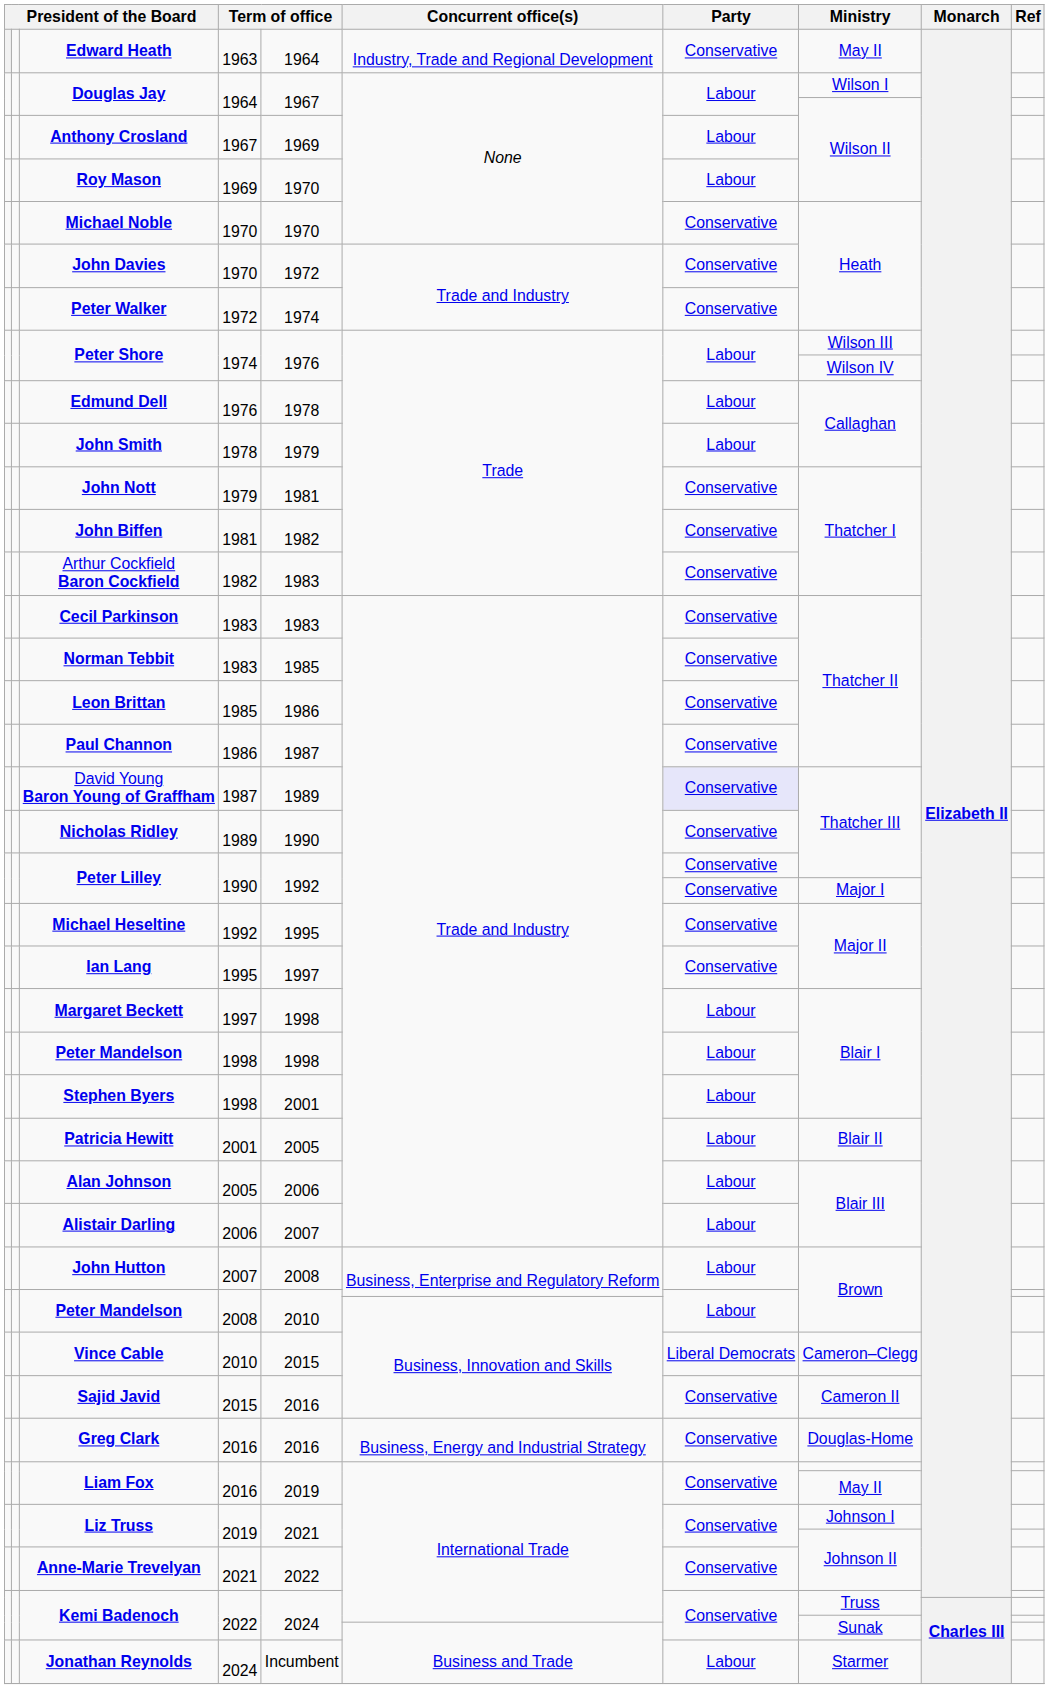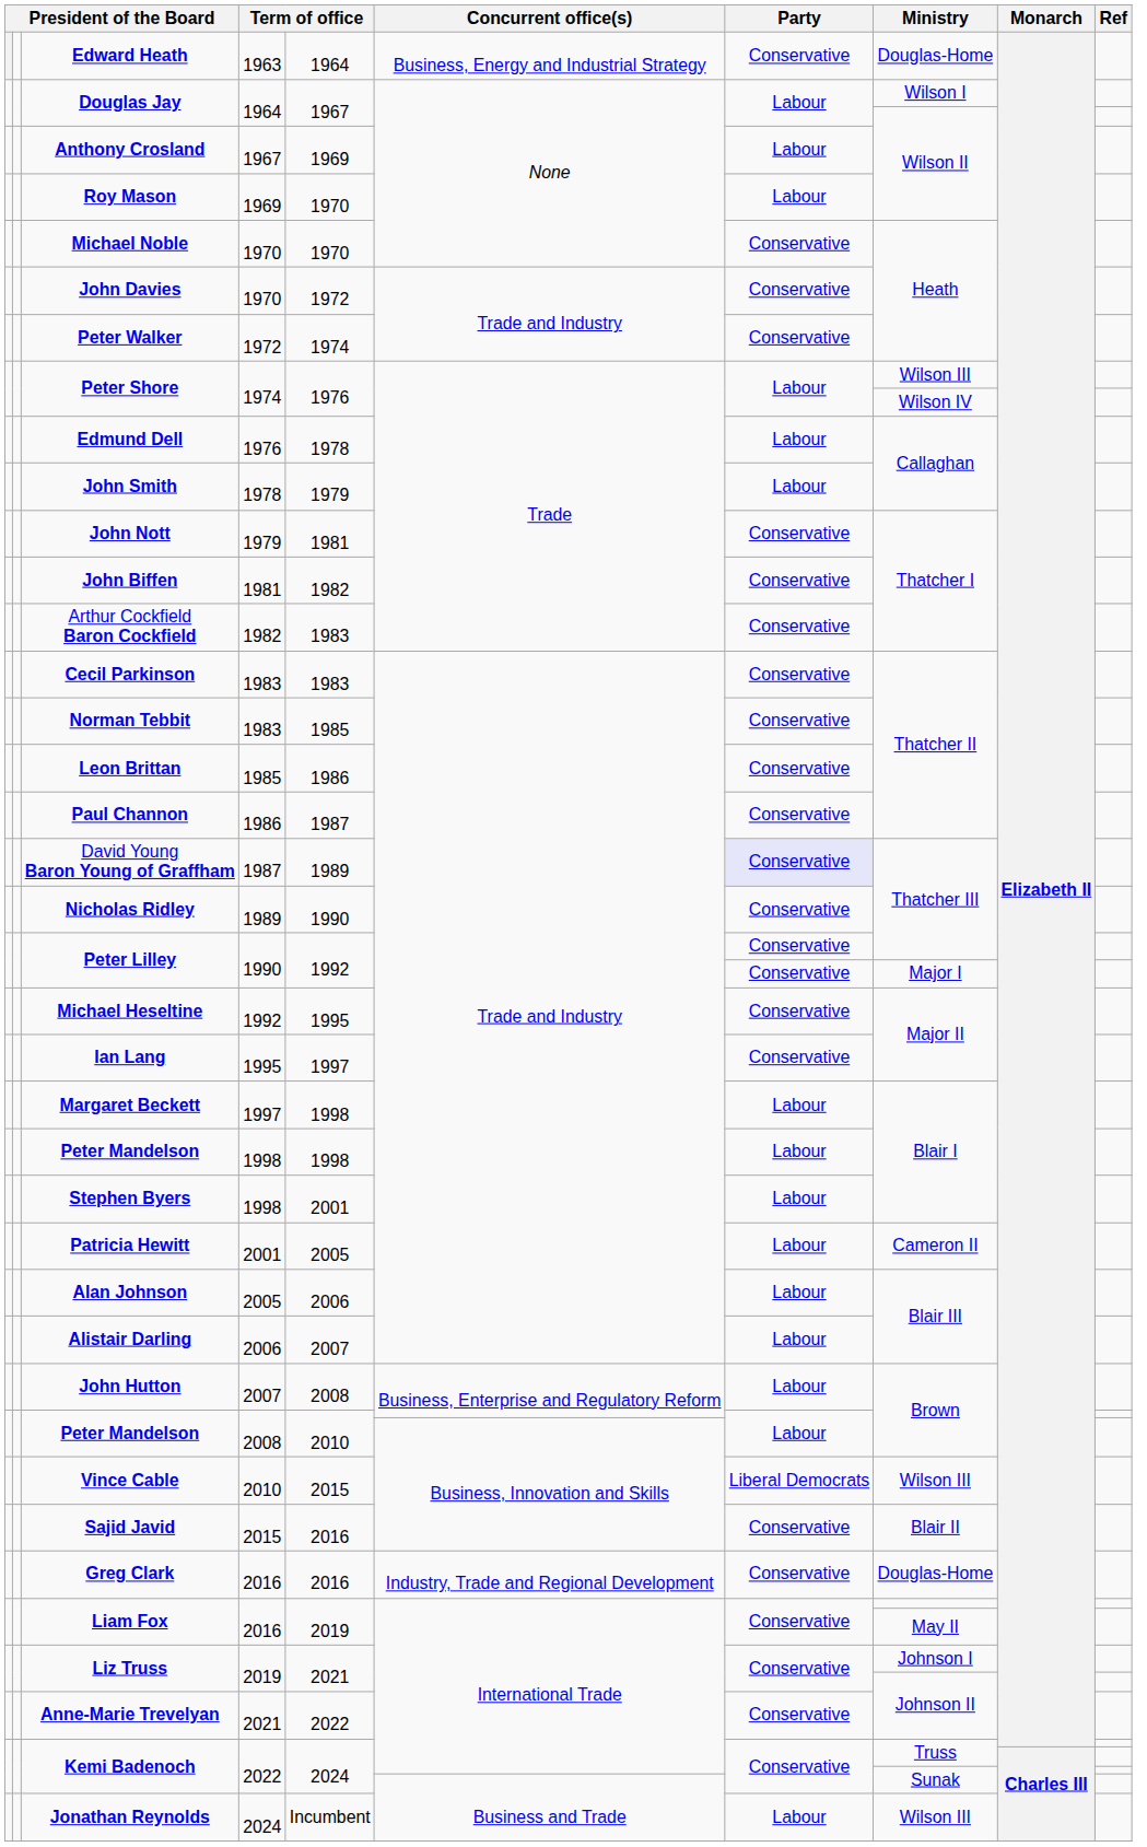 <table class="wikitable plainrowheaders" style="text-align:center;">
 <tr>
 <th colspan="3">President of the Board<br></th>
 <th colspan="2">Term of office</th>
 <th>Concurrent office(s)</th>
 <th>Party</th>
 <th>Ministry</th>
 <th>Monarch</th>
 <th>Ref</th>
 </tr>
 <tr>
 <th style="background-color:"></th>
 <td></td>
 <td><strong><a href='#'>Edward Heath</a></strong><br></td>
 <td><br>1963</td>
 <td><br>1964</td>
-<td><a href='#'><br>Industry, Trade and Regional Development</a></td>
+<td><a href='#'><br>Business, Energy and Industrial Strategy</a></td>
 <td><a href='#'>Conservative</a></td>
-<td><a href='#'>May II</a></td>
+<td><a href='#'>Douglas-Home</a></td>
 <th scope=row style="text-align:center;" rowspan=43><strong><a href='#'>Elizabeth II</a></strong><br></th>
 <td></td>
 </tr>
 <tr>
 <td rowspan="2" style="background-color:"></td>
 <td rowspan="2"></td>
 <td rowspan="2"><strong><a href='#'>Douglas Jay</a></strong><br></td>
 <td rowspan="2"><br>1964</td>
 <td rowspan="2"><br>1967</td>
 <td rowspan="5"><em>None</em></td>
 <td rowspan="2" ><a href='#'>Labour</a></td>
 <td><a href='#'>Wilson I</a></td>
 <td></td>
 </tr>
 <tr>
 <td rowspan="3" ><a href='#'>Wilson II</a></td>
 <td></td>
 </tr>
 <tr>
 <td style="background-color:"></td>
 <td></td>
 <td><strong><a href='#'>Anthony Crosland</a></strong><br></td>
 <td><br>1967</td>
 <td><br>1969</td>
 <td><a href='#'>Labour</a></td>
 <td></td>
 </tr>
 <tr>
 <td style="background-color:"></td>
 <td></td>
 <td><strong><a href='#'>Roy Mason</a></strong><br></td>
 <td><br>1969</td>
 <td><br>1970</td>
 <td><a href='#'>Labour</a></td>
 <td></td>
 </tr>
 <tr>
 <td style="background-color:"></td>
 <td></td>
 <td><strong><a href='#'>Michael Noble</a></strong><br></td>
 <td><br>1970</td>
 <td><br>1970</td>
 <td><a href='#'>Conservative</a></td>
 <td rowspan="3" ><a href='#'>Heath</a></td>
 <td></td>
 </tr>
 <tr>
 <td style="background-color:"></td>
 <td></td>
 <td><strong><a href='#'>John Davies</a></strong><br></td>
 <td><br>1970</td>
 <td><br>1972</td>
 <td rowspan="2"><a href='#'><br>Trade and Industry</a></td>
 <td><a href='#'>Conservative</a></td>
 <td></td>
 </tr>
 <tr>
 <td style="background-color:"></td>
 <td></td>
 <td><strong><a href='#'>Peter Walker</a></strong><br></td>
 <td><br>1972</td>
 <td><br>1974</td>
 <td><a href='#'>Conservative</a></td>
 <td></td>
 </tr>
 <tr>
 <td rowspan="2" style="background-color:"></td>
 <td rowspan="2"></td>
 <td rowspan="2"><strong><a href='#'>Peter Shore</a></strong><br></td>
 <td rowspan="2"><br>1974</td>
 <td rowspan="2"><br>1976</td>
 <td rowspan="7"><a href='#'><br>Trade</a></td>
 <td rowspan="2" ><a href='#'>Labour</a></td>
 <td><a href='#'>Wilson III</a></td>
 <td></td>
 </tr>
 <tr>
 <td><a href='#'>Wilson IV</a></td>
 <td></td>
 </tr>
 <tr>
 <td style="background-color:"></td>
 <td></td>
 <td><strong><a href='#'>Edmund Dell</a></strong><br></td>
 <td><br>1976</td>
 <td><br>1978</td>
 <td><a href='#'>Labour</a></td>
 <td rowspan="2" ><a href='#'>Callaghan</a></td>
 <td></td>
 </tr>
 <tr>
 <td style="background-color:"></td>
 <td></td>
 <td><strong><a href='#'>John Smith</a></strong><br></td>
 <td><br>1978</td>
 <td><br>1979</td>
 <td><a href='#'>Labour</a></td>
 <td></td>
 </tr>
 <tr>
 <td style="background-color:"></td>
 <td></td>
 <td><strong><a href='#'>John Nott</a></strong><br></td>
 <td><br>1979</td>
 <td><br>1981</td>
 <td><a href='#'>Conservative</a></td>
 <td rowspan="3" ><a href='#'>Thatcher I</a></td>
 <td></td>
 </tr>
 <tr>
 <td style="background-color:"></td>
 <td></td>
 <td><strong><a href='#'>John Biffen</a></strong><br></td>
 <td><br>1981</td>
 <td><br>1982</td>
 <td><a href='#'>Conservative</a></td>
 <td></td>
 </tr>
 <tr>
 <td style="background-color:"></td>
 <td></td>
 <td><a href='#'>Arthur Cockfield<br><strong>Baron Cockfield</strong></a></td>
 <td><br>1982</td>
 <td><br>1983</td>
 <td><a href='#'>Conservative</a></td>
 <td></td>
 </tr>
 <tr>
 <td style="background-color:"></td>
 <td></td>
 <td><strong><a href='#'>Cecil Parkinson</a></strong><br></td>
 <td><br>1983</td>
 <td><br>1983</td>
 <td rowspan="16"><a href='#'><br>Trade and Industry</a></td>
 <td><a href='#'>Conservative</a></td>
 <td rowspan="4" ><a href='#'>Thatcher II</a></td>
 <td></td>
 </tr>
 <tr>
 <td style="background-color:"></td>
 <td></td>
 <td><strong><a href='#'>Norman Tebbit</a></strong><br></td>
 <td><br>1983</td>
 <td><br>1985</td>
 <td><a href='#'>Conservative</a></td>
 <td></td>
 </tr>
 <tr>
 <td style="background-color:"></td>
 <td></td>
 <td><strong><a href='#'>Leon Brittan</a></strong><br></td>
 <td><br>1985</td>
 <td><br>1986</td>
 <td><a href='#'>Conservative</a></td>
 <td></td>
 </tr>
 <tr>
 <td style="background-color:"></td>
 <td></td>
 <td><strong><a href='#'>Paul Channon</a></strong><br></td>
 <td><br>1986</td>
 <td><br>1987</td>
 <td><a href='#'>Conservative</a></td>
 <td></td>
 </tr>
 <tr>
 <td style="background-color:"></td>
 <td></td>
 <td><a href='#'>David Young<br><strong>Baron Young of Graffham</strong></a></td>
 <td><br>1987</td>
 <td><br>1989</td>
 <td style="background: lavender;"><a href='#'>Conservative</a></td>
 <td rowspan="3" ><a href='#'>Thatcher III</a></td>
 <td></td>
 </tr>
 <tr>
 <td style="background-color:"></td>
 <td></td>
 <td><strong><a href='#'>Nicholas Ridley</a></strong><br></td>
 <td><br>1989</td>
 <td><br>1990</td>
 <td><a href='#'>Conservative</a></td>
 <td></td>
 </tr>
 <tr>
 <td rowspan=2 style="background-color:"></td>
 <td rowspan="2"></td>
 <td rowspan="2"><strong><a href='#'>Peter Lilley</a></strong><br></td>
 <td rowspan="2"><br>1990</td>
 <td rowspan="2"><br>1992</td>
 <td><a href='#'>Conservative</a></td>
 <td></td>
 </tr>
 <tr>
 <td><a href='#'>Conservative</a></td>
 <td><a href='#'>Major I</a></td>
 <td></td>
 </tr>
 <tr>
 <td style="background-color:"></td>
 <td></td>
 <td><strong><a href='#'>Michael Heseltine</a></strong><br></td>
 <td><br>1992</td>
 <td><br>1995</td>
 <td><a href='#'>Conservative</a></td>
 <td rowspan="2" ><a href='#'>Major II</a></td>
 <td></td>
 </tr>
 <tr>
 <td style="background-color:"></td>
 <td></td>
 <td><strong><a href='#'>Ian Lang</a></strong><br></td>
 <td><br>1995</td>
 <td><br>1997</td>
 <td><a href='#'>Conservative</a></td>
 <td></td>
 </tr>
 <tr>
 <td style="background-color:"></td>
 <td></td>
 <td><strong><a href='#'>Margaret Beckett</a></strong><br></td>
 <td><br>1997</td>
 <td><br>1998</td>
 <td><a href='#'>Labour</a></td>
 <td rowspan="3" ><a href='#'>Blair I</a></td>
 <td></td>
 </tr>
 <tr>
 <td style="background-color:"></td>
 <td></td>
 <td><strong><a href='#'>Peter Mandelson</a></strong><br></td>
 <td><br>1998</td>
 <td><br>1998</td>
 <td><a href='#'>Labour</a></td>
 <td></td>
 </tr>
 <tr>
 <td style="background-color:"></td>
 <td></td>
 <td><strong><a href='#'>Stephen Byers</a></strong><br></td>
 <td><br>1998</td>
 <td><br>2001</td>
 <td><a href='#'>Labour</a></td>
 <td></td>
 </tr>
 <tr>
 <td style="background-color:"></td>
 <td></td>
 <td><strong><a href='#'>Patricia Hewitt</a></strong><br></td>
 <td><br>2001</td>
 <td><br>2005</td>
 <td><a href='#'>Labour</a></td>
-<td><a href='#'>Blair II</a></td>
+<td><a href='#'>Cameron II</a></td>
 <td></td>
 </tr>
 <tr>
 <td style="background-color:"></td>
 <td></td>
 <td><strong><a href='#'>Alan Johnson</a></strong><br></td>
 <td><br>2005</td>
 <td><br>2006</td>
 <td><a href='#'>Labour</a></td>
 <td rowspan="2" ><a href='#'>Blair III</a></td>
 <td></td>
 </tr>
 <tr>
 <td style="background-color:"></td>
 <td></td>
 <td><strong><a href='#'>Alistair Darling</a></strong><br></td>
 <td><br>2006</td>
 <td><br>2007</td>
 <td><a href='#'>Labour</a></td>
 <td></td>
 </tr>
 <tr>
 <td style="background-color:"></td>
 <td></td>
 <td><strong><a href='#'>John Hutton</a></strong><br></td>
 <td><br>2007</td>
 <td><br>2008</td>
 <td rowspan="2"><a href='#'><br>Business, Enterprise and Regulatory Reform</a></td>
 <td><a href='#'>Labour</a></td>
 <td rowspan="3" ><a href='#'>Brown</a></td>
 <td></td>
 </tr>
 <tr>
 <td rowspan=2 style="background-color:"></td>
 <td rowspan=2></td>
 <td rowspan=2><strong><a href='#'>Peter Mandelson</a></strong><br></td>
 <td rowspan=2><br>2008</td>
 <td rowspan=2><br>2010</td>
 <td rowspan=2 ><a href='#'>Labour</a></td>
 <td></td>
 </tr>
 <tr>
 <td rowspan="3"><a href='#'><br>Business, Innovation and Skills</a></td>
 <td></td>
 </tr>
 <tr>
 <td style="background-color:"></td>
 <td></td>
 <td><strong><a href='#'>Vince Cable</a></strong><br></td>
 <td><br>2010</td>
 <td><br>2015</td>
 <td><a href='#'>Liberal Democrats</a></td>
-<td><a href='#'>Cameron–Clegg</a></td>
+<td><a href='#'>Wilson III</a></td>
 <td></td>
 </tr>
 <tr>
 <td style="background-color:"></td>
 <td></td>
 <td><strong><a href='#'>Sajid Javid</a></strong><br></td>
 <td><br>2015</td>
 <td><br>2016</td>
 <td><a href='#'>Conservative</a></td>
-<td><a href='#'>Cameron II</a></td>
+<td><a href='#'>Blair II</a></td>
 <td></td>
 </tr>
 <tr>
 <td style="background-color:"></td>
 <td></td>
 <td><strong><a href='#'>Greg Clark</a></strong><br></td>
 <td><br>2016</td>
 <td><br>2016</td>
-<td><a href='#'><br>Business, Energy and Industrial Strategy</a></td>
+<td><a href='#'><br>Industry, Trade and Regional Development</a></td>
 <td><a href='#'>Conservative</a></td>
 <td><a href='#'>Douglas-Home</a></td>
 <td></td>
 </tr>
 <tr>
 <td rowspan="2" style="background-color:"></td>
 <td rowspan="2"></td>
 <td rowspan="2"><strong><a href='#'>Liam Fox</a></strong><br></td>
 <td rowspan="2"><br>2016</td>
 <td rowspan="2"><br>2019</td>
 <td rowspan="8"><a href='#'><br>International Trade</a></td>
 <td rowspan="2" ><a href='#'>Conservative</a></td>
 <td></td>
 </tr>
 <tr>
 <td><a href='#'>May II</a></td>
 <td></td>
 </tr>
 <tr>
 <td rowspan="2" style="background-color:"></td>
 <td rowspan="2"></td>
 <td rowspan="2"><strong><a href='#'>Liz Truss</a></strong><br></td>
 <td rowspan="2"><br>2019</td>
 <td rowspan="2"><br>2021</td>
 <td rowspan="2" ><a href='#'>Conservative</a></td>
 <td><a href='#'>Johnson I</a></td>
 <td></td>
 </tr>
 <tr>
 <td rowspan="2" ><a href='#'>Johnson II</a></td>
 <td></td>
 </tr>
 <tr>
 <td style="background-color:"></td>
 <td></td>
 <td><strong><a href='#'>Anne-Marie Trevelyan</a></strong><br></td>
 <td><br>2021</td>
 <td><br>2022</td>
 <td><a href='#'>Conservative</a></td>
 <td></td>
 </tr>
 <tr>
 <td rowspan="4" style="background-color:"></td>
 <td rowspan="4"></td>
 <td rowspan="4"><strong><a href='#'>Kemi Badenoch</a></strong><br></td>
 <td rowspan="4"><br>2022</td>
 <td rowspan="4"><br>2024</td>
 <td rowspan="4" ><a href='#'>Conservative</a></td>
 <td rowspan="2" ><a href='#'>Truss</a></td>
 <td></td>
 </tr>
 <tr>
 <th scope=row style="text-align:center;" rowspan=4><strong><a href='#'>Charles III</a></strong><br><br></th>
 <td></td>
 </tr>
 <tr>
 <td rowspan="2" ><a href='#'>Sunak</a></td>
 <td></td>
 </tr>
 <tr>
 <td rowspan="2"><a href='#'><br>Business and Trade</a></td>
 <td></td>
 </tr>
 <tr>
 <td style="background-color:"></td>
 <td></td>
 <td><strong><a href='#'>Jonathan Reynolds</a></strong><br></td>
 <td><br>2024</td>
 <td>Incumbent</td>
 <td><a href='#'>Labour</a></td>
-<td><a href='#'>Starmer</a></td>
+<td><a href='#'>Wilson III</a></td>
 <td></td>
 </tr>
 <tr>
 </tr>
 </table>
